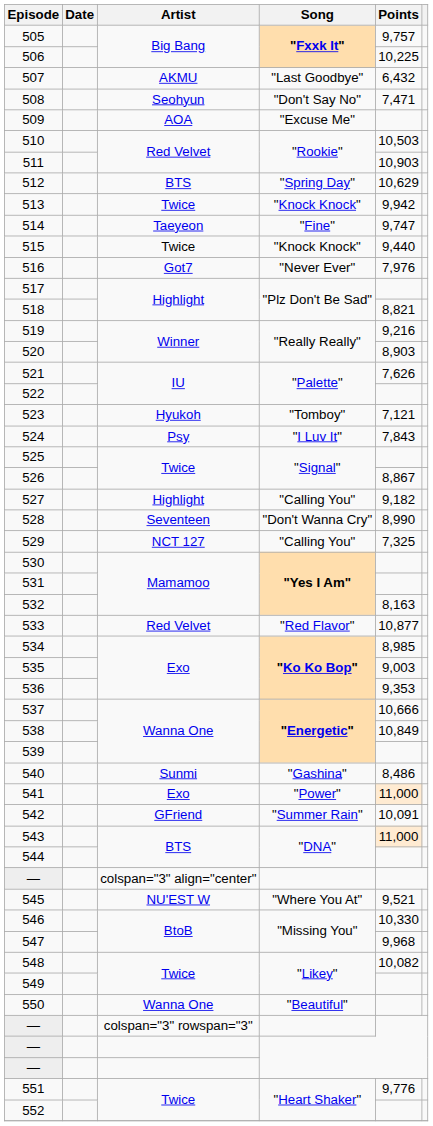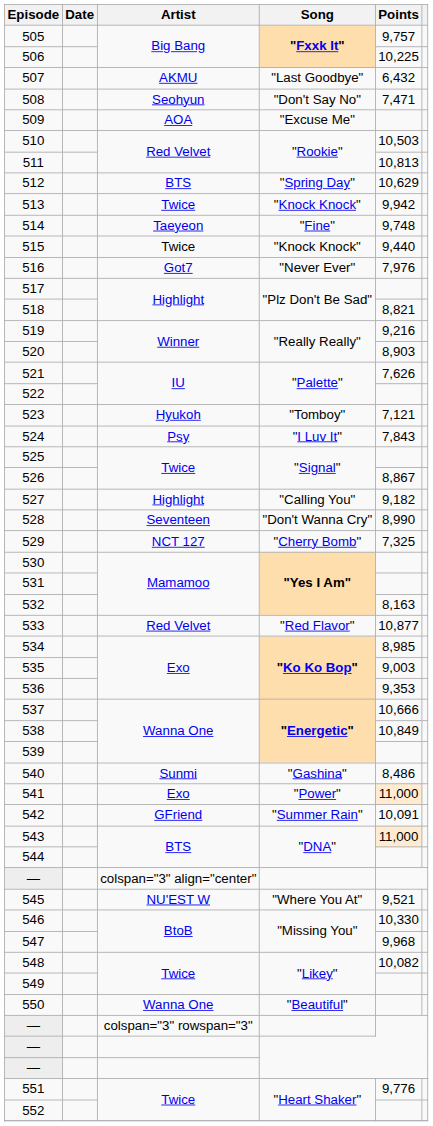 <table class="sortable wikitable" style="text-align:center">
 <tr>
 <th>Episode</th>
 <th>Date</th>
 <th>Artist</th>
 <th>Song</th>
 <th>Points</th>
 <th class=unsortable></th>
 </tr>
 <tr>
 <td>505</td>
 <td></td>
 <td rowspan="2"><a href='#'>Big Bang</a></td>
 <td rowspan="2" style="font-weight: bold; background: navajowhite;">"<a href='#'>Fxxk It</a>"</td>
 <td>9,757</td>
 <td></td>
 </tr>
 <tr>
 <td>506</td>
 <td></td>
 <td>10,225</td>
 <td></td>
 </tr>
 <tr>
 <td>507</td>
 <td></td>
 <td><a href='#'>AKMU</a></td>
 <td>"Last Goodbye"</td>
 <td>6,432</td>
 <td></td>
 </tr>
 <tr>
 <td>508</td>
 <td></td>
 <td><a href='#'>Seohyun</a></td>
 <td>"Don't Say No"</td>
 <td>7,471</td>
 <td></td>
 </tr>
 <tr>
 <td>509</td>
 <td></td>
 <td><a href='#'>AOA</a></td>
 <td>"Excuse Me"</td>
 <td></td>
 <td></td>
 </tr>
 <tr>
 <td>510</td>
 <td></td>
 <td rowspan="2"><a href='#'>Red Velvet</a></td>
 <td rowspan="2">"<a href='#'>Rookie</a>"</td>
 <td>10,503</td>
 <td></td>
 </tr>
 <tr>
 <td>511</td>
 <td></td>
-<td>10,903</td>
+<td>10,813</td>
 <td></td>
 </tr>
 <tr>
 <td>512</td>
 <td></td>
 <td><a href='#'>BTS</a></td>
 <td>"<a href='#'>Spring Day</a>"</td>
 <td>10,629</td>
 <td></td>
 </tr>
 <tr>
 <td>513</td>
 <td></td>
 <td><a href='#'>Twice</a></td>
 <td>"<a href='#'>Knock Knock</a>"</td>
 <td>9,942</td>
 <td></td>
 </tr>
 <tr>
 <td>514</td>
 <td></td>
 <td><a href='#'>Taeyeon</a></td>
 <td>"<a href='#'>Fine</a>"</td>
-<td>9,747</td>
+<td>9,748</td>
 <td></td>
 </tr>
 <tr>
 <td>515</td>
 <td></td>
 <td>Twice</td>
 <td>"Knock Knock"</td>
 <td>9,440</td>
 <td></td>
 </tr>
 <tr>
 <td>516</td>
 <td></td>
 <td><a href='#'>Got7</a></td>
 <td>"Never Ever"</td>
 <td>7,976</td>
 <td></td>
 </tr>
 <tr>
 <td>517</td>
 <td></td>
 <td rowspan="2"><a href='#'>Highlight</a></td>
 <td rowspan="2">"Plz Don't Be Sad"</td>
 <td></td>
 <td></td>
 </tr>
 <tr>
 <td>518</td>
 <td></td>
 <td>8,821</td>
 <td></td>
 </tr>
 <tr>
 <td>519</td>
 <td></td>
 <td rowspan="2"><a href='#'>Winner</a></td>
 <td rowspan="2">"Really Really"</td>
 <td>9,216</td>
 <td></td>
 </tr>
 <tr>
 <td>520</td>
 <td></td>
 <td>8,903</td>
 <td></td>
 </tr>
 <tr>
 <td>521</td>
 <td></td>
 <td rowspan="2"><a href='#'>IU</a></td>
 <td rowspan="2">"<a href='#'>Palette</a>"</td>
 <td>7,626</td>
 <td></td>
 </tr>
 <tr>
 <td>522</td>
 <td></td>
 <td></td>
 <td></td>
 </tr>
 <tr>
 <td>523</td>
 <td></td>
 <td><a href='#'>Hyukoh</a></td>
 <td>"Tomboy"</td>
 <td>7,121</td>
 <td></td>
 </tr>
 <tr>
 <td>524</td>
 <td></td>
 <td><a href='#'>Psy</a></td>
 <td>"<a href='#'>I Luv It</a>"</td>
 <td>7,843</td>
 <td></td>
 </tr>
 <tr>
 <td>525</td>
 <td></td>
 <td rowspan="2"><a href='#'>Twice</a></td>
 <td rowspan="2">"<a href='#'>Signal</a>"</td>
 <td></td>
 <td></td>
 </tr>
 <tr>
 <td>526</td>
 <td></td>
 <td>8,867</td>
 <td></td>
 </tr>
 <tr>
 <td>527</td>
 <td></td>
 <td><a href='#'>Highlight</a></td>
 <td>"Calling You"</td>
 <td>9,182</td>
 <td></td>
 </tr>
 <tr>
 <td>528</td>
 <td></td>
 <td><a href='#'>Seventeen</a></td>
 <td>"Don't Wanna Cry"</td>
 <td>8,990</td>
 <td></td>
 </tr>
 <tr>
 <td>529</td>
 <td></td>
 <td><a href='#'>NCT 127</a></td>
-<td>"Calling You"</td>
+<td>"<a href='#'>Cherry Bomb</a>"</td>
 <td>7,325</td>
 <td></td>
 </tr>
 <tr>
 <td>530</td>
 <td></td>
 <td rowspan="3"><a href='#'>Mamamoo</a></td>
 <td rowspan="3" style="font-weight: bold; background: navajowhite;">"Yes I Am"</td>
 <td></td>
 <td></td>
 </tr>
 <tr>
 <td>531</td>
 <td></td>
 <td></td>
 <td></td>
 </tr>
 <tr>
 <td>532</td>
 <td></td>
 <td>8,163</td>
 <td></td>
 </tr>
 <tr>
 <td>533</td>
 <td></td>
 <td><a href='#'>Red Velvet</a></td>
 <td>"<a href='#'>Red Flavor</a>"</td>
 <td>10,877</td>
 <td></td>
 </tr>
 <tr>
 <td>534</td>
 <td></td>
 <td rowspan="3"><a href='#'>Exo</a></td>
 <td rowspan="3" style="font-weight: bold; background: navajowhite;">"<a href='#'>Ko Ko Bop</a>"</td>
 <td>8,985</td>
 <td></td>
 </tr>
 <tr>
 <td>535</td>
 <td></td>
 <td>9,003</td>
 <td></td>
 </tr>
 <tr>
 <td>536</td>
 <td></td>
 <td>9,353</td>
 <td></td>
 </tr>
 <tr>
 <td>537</td>
 <td></td>
 <td rowspan="3"><a href='#'>Wanna One</a></td>
 <td rowspan="3" style="font-weight: bold; background: navajowhite;">"<a href='#'>Energetic</a>"</td>
 <td>10,666</td>
 <td></td>
 </tr>
 <tr>
 <td>538</td>
 <td></td>
 <td>10,849</td>
 <td></td>
 </tr>
 <tr>
 <td>539</td>
 <td></td>
 <td></td>
 <td></td>
 </tr>
 <tr>
 <td>540</td>
 <td></td>
 <td><a href='#'>Sunmi</a></td>
 <td>"<a href='#'>Gashina</a>"</td>
 <td>8,486</td>
 <td></td>
 </tr>
 <tr>
 <td>541</td>
 <td></td>
 <td><a href='#'>Exo</a></td>
 <td>"<a href='#'>Power</a>"</td>
 <td style="background:#ffebd2;">11,000</td>
 <td></td>
 </tr>
 <tr>
 <td>542</td>
 <td></td>
 <td><a href='#'>GFriend</a></td>
 <td>"<a href='#'>Summer Rain</a>"</td>
 <td>10,091</td>
 <td></td>
 </tr>
 <tr>
 <td>543</td>
 <td></td>
 <td rowspan="2"><a href='#'>BTS</a></td>
 <td rowspan="2">"<a href='#'>DNA</a>"</td>
 <td style="background:#ffebd2;">11,000</td>
 <td></td>
 </tr>
 <tr>
 <td>544</td>
 <td></td>
 <td></td>
 <td></td>
 </tr>
 <tr>
 <td style="background:#eee;">—</td>
 <td></td>
 <td>colspan="3" align="center" </td>
 <td></td>
 </tr>
 <tr>
 <td>545</td>
 <td></td>
 <td><a href='#'>NU'EST W</a></td>
 <td>"Where You At"</td>
 <td>9,521</td>
 <td></td>
 </tr>
 <tr>
 <td>546</td>
 <td></td>
 <td rowspan="2"><a href='#'>BtoB</a></td>
 <td rowspan="2">"Missing You"</td>
 <td>10,330</td>
 <td></td>
 </tr>
 <tr>
 <td>547</td>
 <td></td>
 <td>9,968</td>
 <td></td>
 </tr>
 <tr>
 <td>548</td>
 <td></td>
 <td rowspan="2"><a href='#'>Twice</a></td>
 <td rowspan="2">"<a href='#'>Likey</a>"</td>
 <td>10,082</td>
 <td></td>
 </tr>
 <tr>
 <td>549</td>
 <td></td>
 <td></td>
 <td></td>
 </tr>
 <tr>
 <td>550</td>
 <td></td>
 <td><a href='#'>Wanna One</a></td>
 <td>"<a href='#'>Beautiful</a>"</td>
 <td></td>
 <td></td>
 </tr>
 <tr>
 <td style="background:#eee;">—</td>
 <td></td>
 <td>colspan="3" rowspan="3" </td>
 <td></td>
 </tr>
 <tr>
 <td style="background:#eee;">—</td>
 <td></td>
 <td></td>
 </tr>
 <tr>
 <td style="background:#eee;">—</td>
 <td></td>
 <td></td>
 </tr>
 <tr>
 <td>551</td>
 <td></td>
 <td rowspan="2"><a href='#'>Twice</a></td>
 <td rowspan="2">"<a href='#'>Heart Shaker</a>"</td>
 <td>9,776</td>
 <td></td>
 </tr>
 <tr>
 <td>552</td>
 <td></td>
 <td></td>
 <td></td>
 </tr>
 <tr>
 </tr>
 </table>
